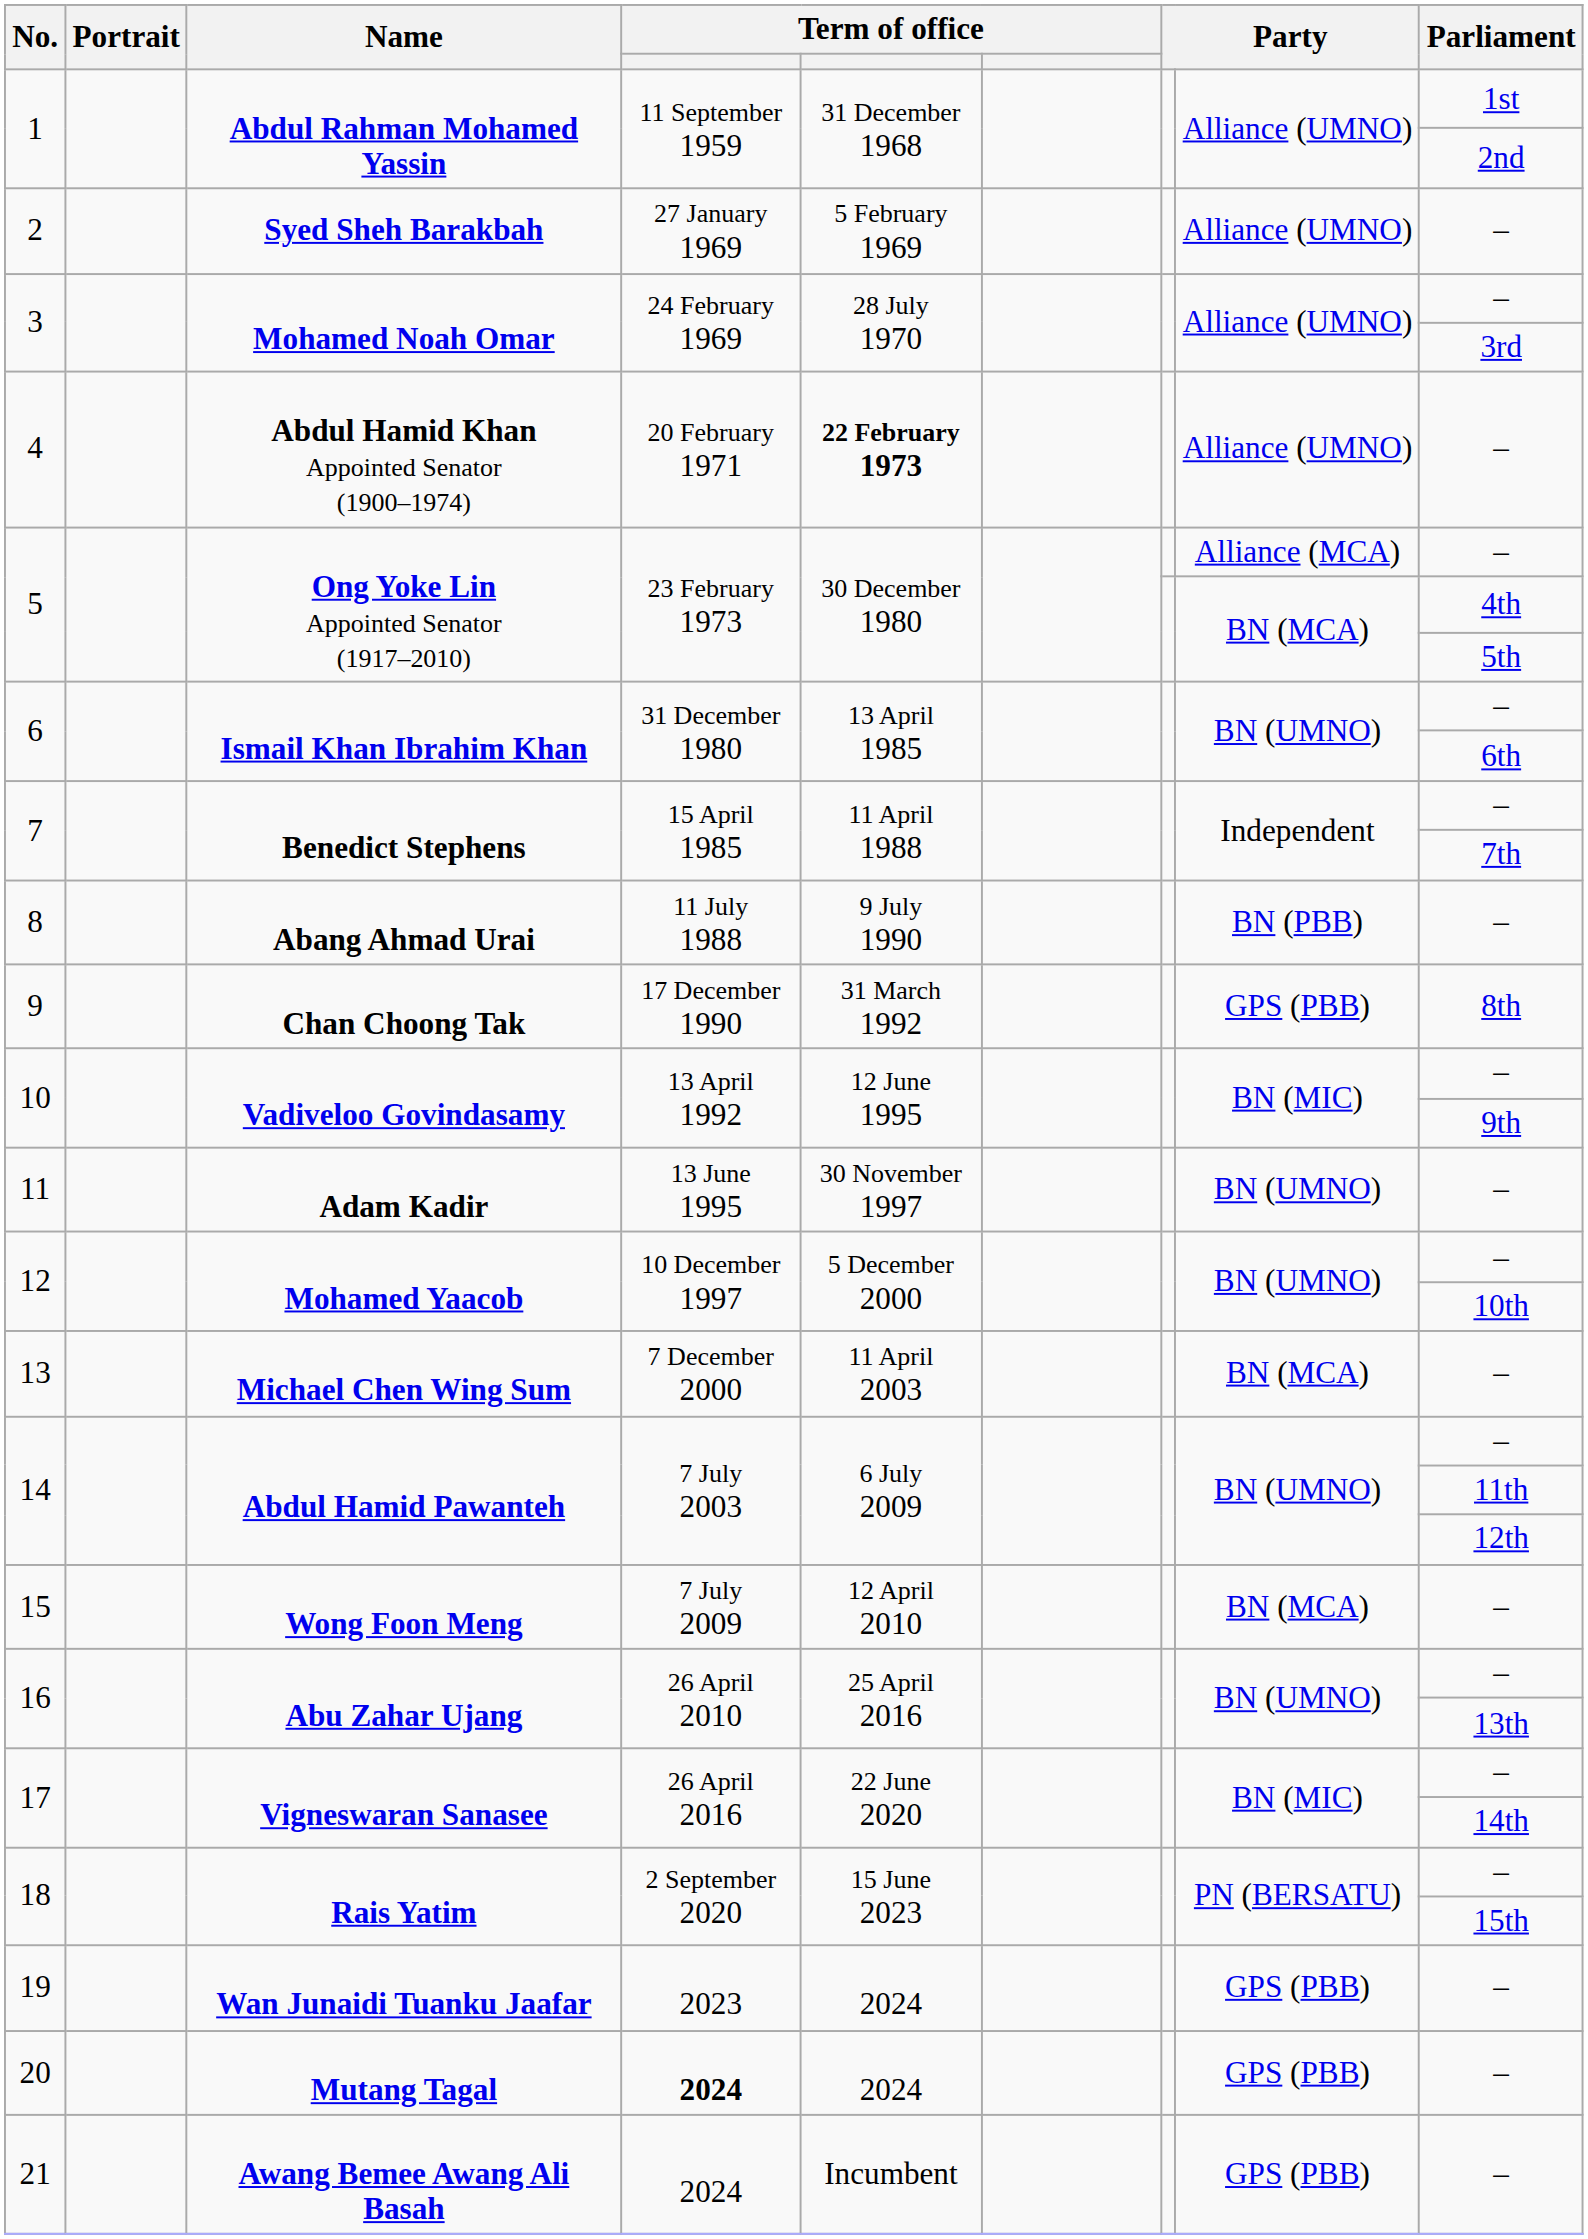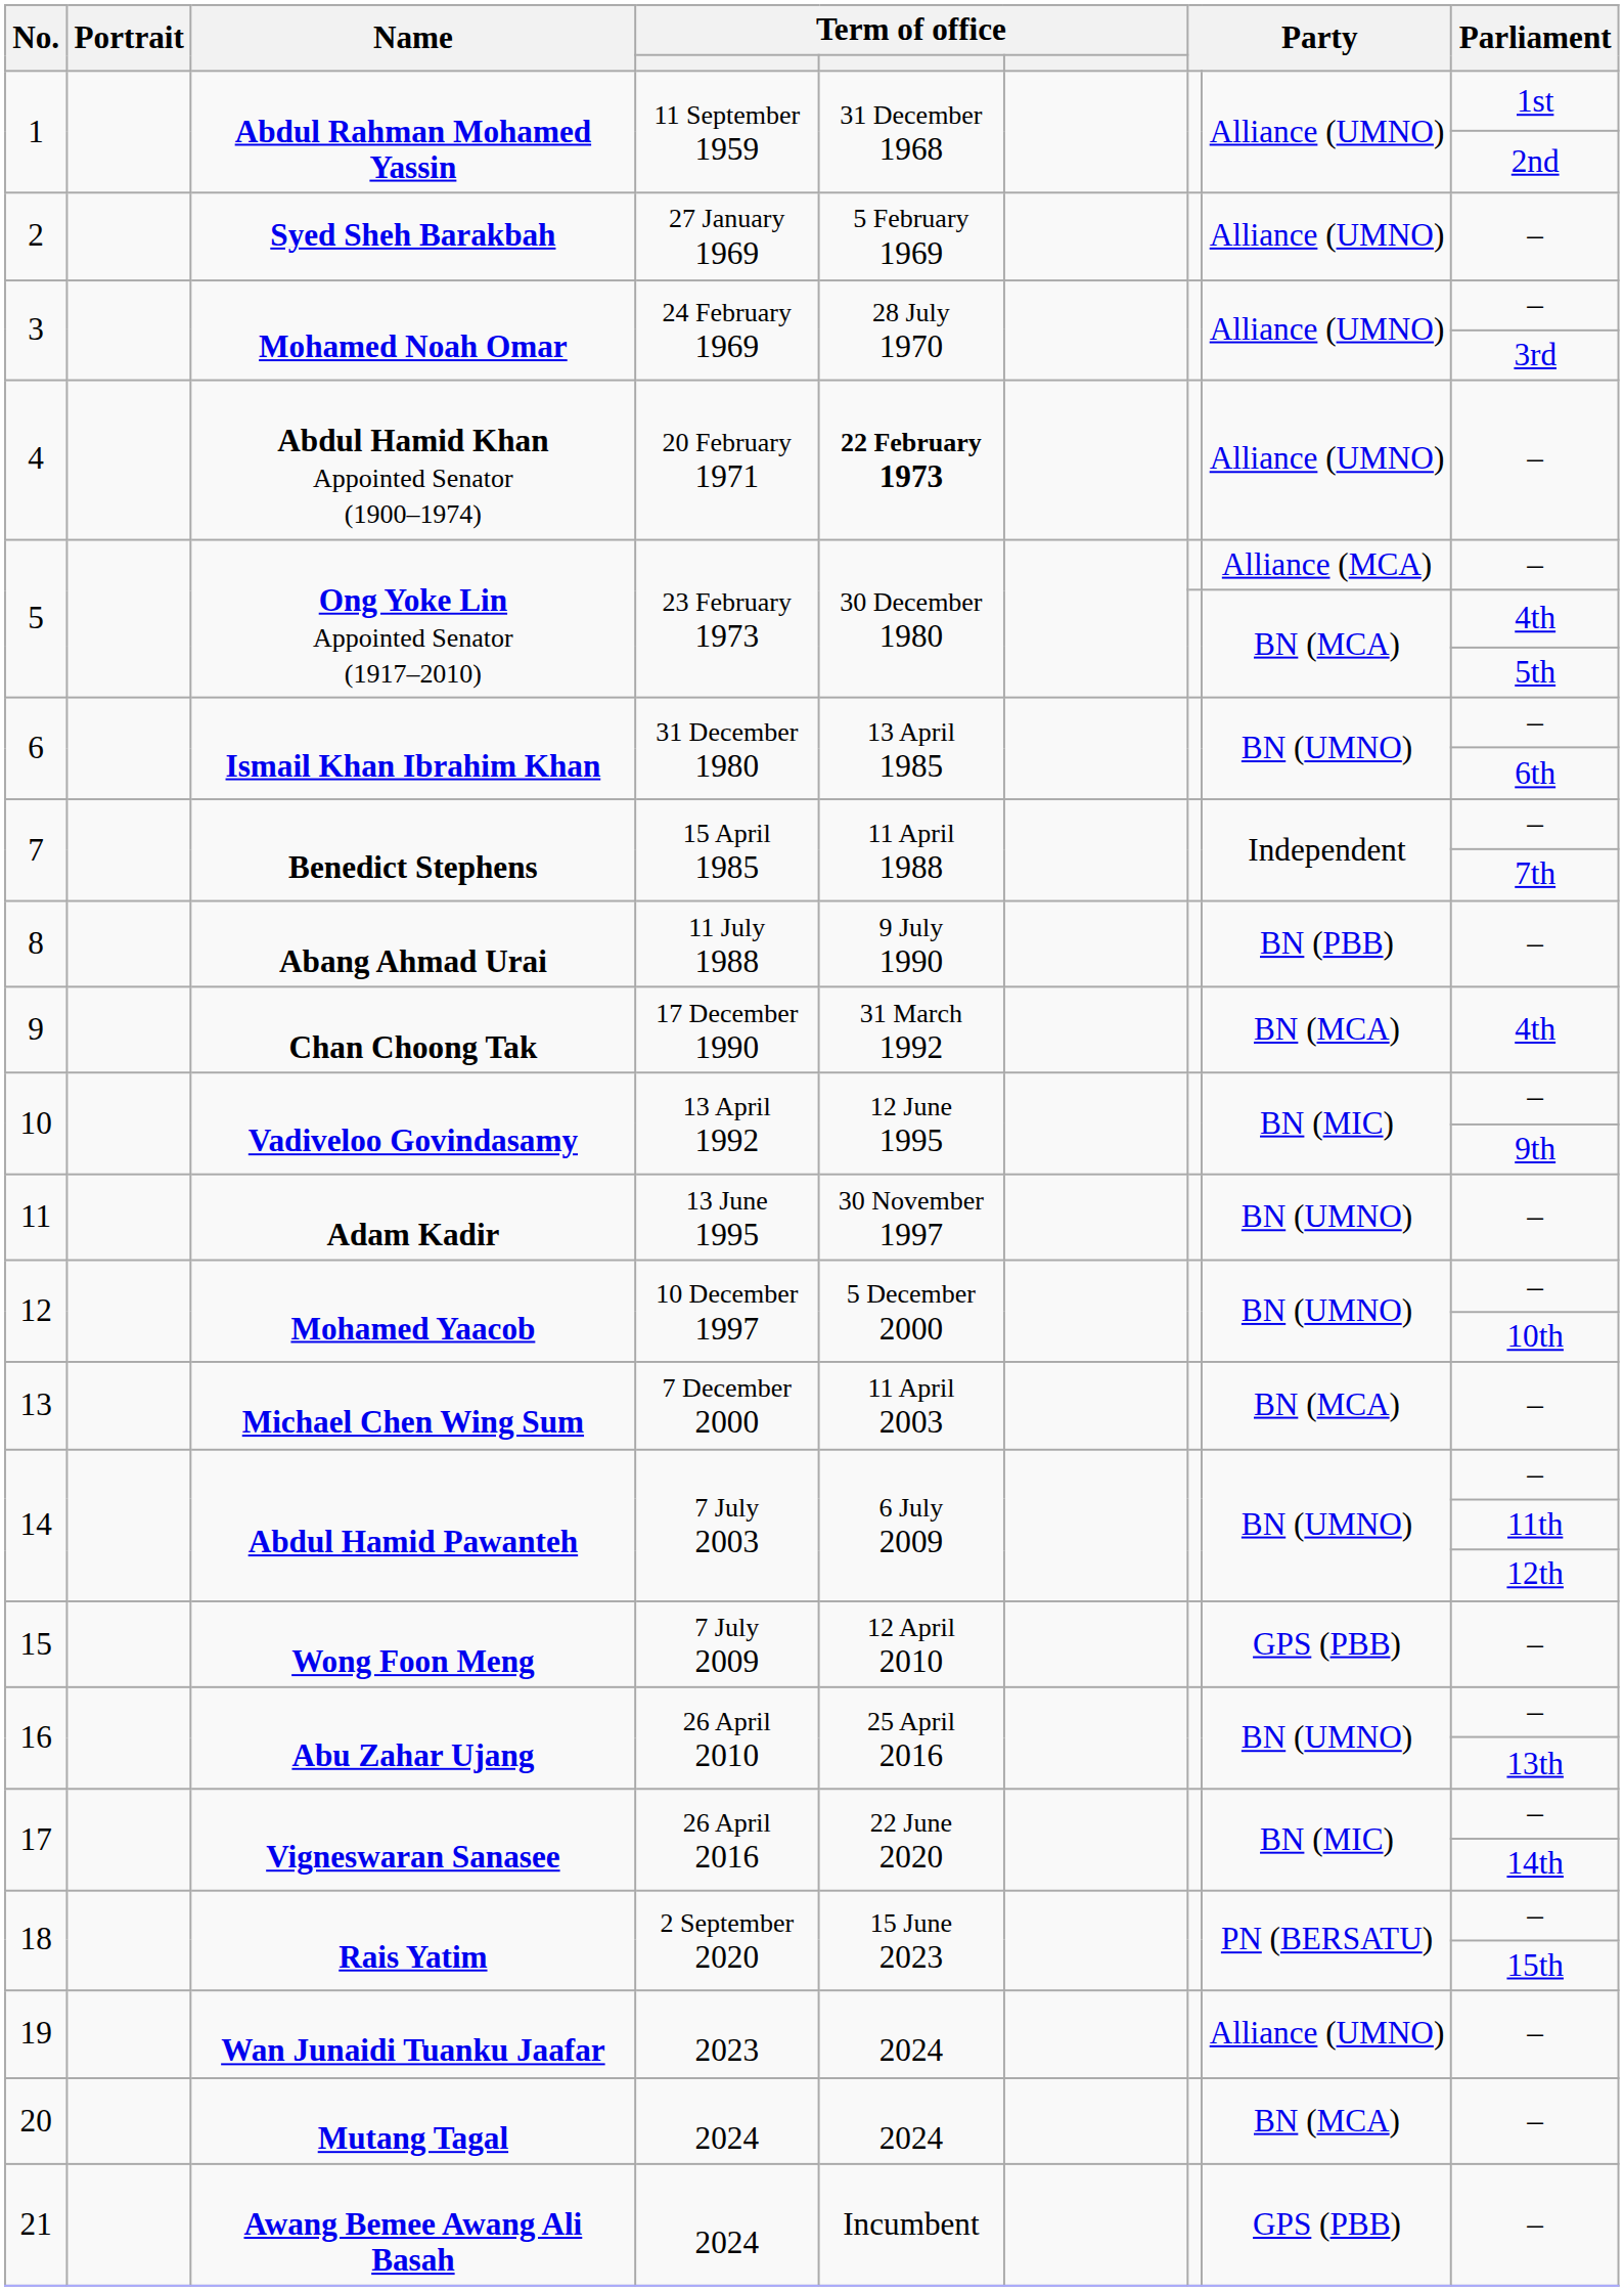 <table class="wikitable" style="text-align:center; border:1px #aaf solid;">
 <tr>
 <th rowspan="2">No.</th>
 <th rowspan="2">Portrait</th>
 <th rowspan="2" width="215">Name<br></th>
 <th colspan="3">Term of office</th>
 <th colspan="2" rowspan="2">Party</th>
 <th rowspan="2">Parliament</th>
 </tr>
 <tr>
 <th width="85"></th>
 <th width="85"></th>
 <th width="85"></th>
 </tr>
 <tr>
 <td rowspan="2">1</td>
 <td rowspan="2"></td>
 <td rowspan="2"><br><strong><a href='#'>Abdul Rahman Mohamed Yassin</a></strong><br></td>
 <td rowspan="2"><small>11 September</small><br>1959</td>
 <td rowspan="2"><small>31 December</small><br>1968</td>
 <td rowspan="2"></td>
 <td rowspan="2" style="background:"></td>
 <td rowspan="2"><a href='#'>Alliance</a> (<a href='#'>UMNO</a>)</td>
 <td><a href='#'>1st</a></td>
 </tr>
 <tr>
 <td><a href='#'>2nd</a></td>
 </tr>
 <tr>
 <td>2</td>
 <td></td>
 <td><strong><a href='#'>Syed Sheh Barakbah</a></strong><br></td>
 <td><small>27 January</small><br>1969</td>
 <td><small>5 February</small><br>1969</td>
 <td></td>
 <td style="background:"></td>
 <td><a href='#'>Alliance</a> (<a href='#'>UMNO</a>)</td>
 <td>–</td>
 </tr>
 <tr>
 <td rowspan=2>3</td>
 <td rowspan=2></td>
 <td rowspan=2><br><strong><a href='#'>Mohamed Noah Omar</a></strong><br></td>
 <td rowspan=2><small>24 February</small><br>1969</td>
 <td rowspan=2><small>28 July</small><br>1970</td>
 <td rowspan=2></td>
 <td rowspan=2 style="background:"></td>
 <td rowspan=2><a href='#'>Alliance</a> (<a href='#'>UMNO</a>)</td>
 <td>–</td>
 </tr>
 <tr>
 <td><a href='#'>3rd</a></td>
 </tr>
 <tr>
 <td>4</td>
 <td></td>
 <td><br><strong>Abdul Hamid Khan</strong><br><small>Appointed Senator</small><br><small>(1900–1974)</small></td>
 <td><small>20 February</small><br>1971</td>
 <td><strong><small>22 February</small><br>1973</strong></td>
 <td></td>
 <td style="background:"></td>
 <td><a href='#'>Alliance</a> (<a href='#'>UMNO</a>)</td>
 <td>–</td>
 </tr>
 <tr>
 <td rowspan="3">5</td>
 <td rowspan="3"></td>
 <td rowspan="3"><br><strong><a href='#'>Ong Yoke Lin</a></strong><br><small>Appointed Senator</small><br><small>(1917–2010)</small></td>
 <td rowspan="3"><small>23 February</small><br>1973</td>
 <td rowspan="3"><small>30 December</small><br>1980</td>
 <td rowspan="3"></td>
 <td style="background:"></td>
 <td><a href='#'>Alliance</a> (<a href='#'>MCA</a>)</td>
 <td>–</td>
 </tr>
 <tr>
 <td rowspan="2" style="background:"></td>
 <td rowspan="2"><a href='#'>BN</a> (<a href='#'>MCA</a>)</td>
 <td><a href='#'>4th</a></td>
 </tr>
 <tr>
 <td><a href='#'>5th</a></td>
 </tr>
 <tr>
 <td rowspan="2">6</td>
 <td rowspan="2"></td>
 <td rowspan="2"><br><strong><a href='#'>Ismail Khan Ibrahim Khan</a></strong><br></td>
 <td rowspan="2"><small>31 December</small><br>1980</td>
 <td rowspan="2"><small>13 April</small><br>1985</td>
 <td rowspan="2"></td>
 <td rowspan="2" style="background:"></td>
 <td rowspan="2"><a href='#'>BN</a> (<a href='#'>UMNO</a>)</td>
 <td>–</td>
 </tr>
 <tr>
 <td><a href='#'>6th</a></td>
 </tr>
 <tr>
 <td rowspan="2">7</td>
 <td rowspan="2"></td>
 <td rowspan="2"><br><strong>Benedict Stephens</strong><br></td>
 <td rowspan="2"><small>15 April</small><br>1985</td>
 <td rowspan="2"><small>11 April</small><br>1988</td>
 <td rowspan="2"></td>
 <td rowspan="2" style="background:"></td>
 <td rowspan="2">Independent</td>
 <td>–</td>
 </tr>
 <tr>
 <td><a href='#'>7th</a></td>
 </tr>
 <tr>
 <td>8</td>
 <td></td>
 <td><br><strong>Abang Ahmad Urai</strong><br></td>
 <td><small>11 July</small><br>1988</td>
 <td><small>9 July</small><br>1990</td>
 <td></td>
 <td style="background:"></td>
 <td><a href='#'>BN</a> (<a href='#'>PBB</a>)</td>
 <td>–</td>
 </tr>
 <tr>
 <td>9</td>
 <td></td>
 <td><br><strong>Chan Choong Tak</strong><br></td>
 <td><small>17 December</small><br>1990</td>
 <td><small>31 March</small><br>1992</td>
 <td></td>
 <td style="background:"></td>
-<td><a href='#'>GPS</a> (<a href='#'>PBB</a>)</td>
-<td><a href='#'>8th</a></td>
+<td><a href='#'>BN</a> (<a href='#'>MCA</a>)</td>
+<td><a href='#'>4th</a></td>
 </tr>
 <tr>
 <td rowspan="2">10</td>
 <td rowspan="2"></td>
 <td rowspan="2"><br><strong><a href='#'>Vadiveloo Govindasamy</a></strong><br></td>
 <td rowspan="2"><small>13 April</small><br>1992</td>
 <td rowspan="2"><small>12 June</small><br>1995</td>
 <td rowspan="2"></td>
 <td rowspan="2" style="background:"></td>
 <td rowspan="2"><a href='#'>BN</a> (<a href='#'>MIC</a>)</td>
 <td>–</td>
 </tr>
 <tr>
 <td><a href='#'>9th</a></td>
 </tr>
 <tr>
 <td>11</td>
 <td></td>
 <td><br><strong>Adam Kadir</strong><br></td>
 <td><small>13 June</small><br>1995</td>
 <td><small>30 November</small><br>1997</td>
 <td></td>
 <td style="background:"></td>
 <td><a href='#'>BN</a> (<a href='#'>UMNO</a>)</td>
 <td>–</td>
 </tr>
 <tr>
 <td rowspan="2">12</td>
 <td rowspan="2"></td>
 <td rowspan="2"><br><strong><a href='#'>Mohamed Yaacob</a></strong><br></td>
 <td rowspan="2"><small>10 December</small><br>1997</td>
 <td rowspan="2"><small>5 December</small><br>2000</td>
 <td rowspan="2"></td>
 <td rowspan="2" style="background:"></td>
 <td rowspan="2"><a href='#'>BN</a> (<a href='#'>UMNO</a>)</td>
 <td>–</td>
 </tr>
 <tr>
 <td><a href='#'>10th</a></td>
 </tr>
 <tr>
 <td>13</td>
 <td></td>
 <td><br><strong><a href='#'>Michael Chen Wing Sum</a></strong><br></td>
 <td><small>7 December</small><br>2000</td>
 <td><small>11 April</small><br>2003</td>
 <td></td>
 <td style="background:"></td>
 <td><a href='#'>BN</a> (<a href='#'>MCA</a>)</td>
 <td>–</td>
 </tr>
 <tr>
 <td rowspan="3">14</td>
 <td rowspan="3"></td>
 <td rowspan="3"><br><strong><a href='#'>Abdul Hamid Pawanteh</a></strong><br></td>
 <td rowspan="3"><small>7 July</small><br>2003</td>
 <td rowspan="3"><small>6 July</small><br>2009</td>
 <td rowspan="3"></td>
 <td rowspan="3" style="background:"></td>
 <td rowspan="3"><a href='#'>BN</a> (<a href='#'>UMNO</a>)</td>
 <td>–</td>
 </tr>
 <tr>
 <td><a href='#'>11th</a></td>
 </tr>
 <tr>
 <td><a href='#'>12th</a></td>
 </tr>
 <tr>
 <td>15</td>
 <td></td>
 <td><br><strong><a href='#'>Wong Foon Meng</a></strong><br></td>
 <td><small>7 July</small><br>2009</td>
 <td><small>12 April</small><br>2010</td>
 <td></td>
 <td style="background:"></td>
-<td><a href='#'>BN</a> (<a href='#'>MCA</a>)</td>
+<td><a href='#'>GPS</a> (<a href='#'>PBB</a>)</td>
 <td>–</td>
 </tr>
 <tr>
 <td rowspan="2">16</td>
 <td rowspan="2"></td>
 <td rowspan="2"><br><strong><a href='#'>Abu Zahar Ujang</a></strong><br></td>
 <td rowspan="2"><small>26 April</small><br>2010</td>
 <td rowspan="2"><small>25 April</small><br>2016</td>
 <td rowspan="2"></td>
 <td rowspan="2" style="background:"></td>
 <td rowspan="2"><a href='#'>BN</a> (<a href='#'>UMNO</a>)</td>
 <td>–</td>
 </tr>
 <tr>
 <td><a href='#'>13th</a></td>
 </tr>
 <tr>
 <td rowspan=2>17</td>
 <td rowspan=2></td>
 <td rowspan=2><br><strong><a href='#'>Vigneswaran Sanasee</a></strong><br></td>
 <td rowspan=2><small>26 April</small><br>2016</td>
 <td rowspan=2><small>22 June</small><br>2020</td>
 <td rowspan=2></td>
 <td rowspan=2 style="background:"></td>
 <td rowspan=2><a href='#'>BN</a> (<a href='#'>MIC</a>)</td>
 <td>–</td>
 </tr>
 <tr>
 <td><a href='#'>14th</a></td>
 </tr>
 <tr>
 <td rowspan=2>18</td>
 <td rowspan=2></td>
 <td rowspan=2><br><strong><a href='#'>Rais Yatim</a></strong><br></td>
 <td rowspan=2><small>2 September</small><br>2020</td>
 <td rowspan=2><small>15 June</small><br>2023</td>
 <td rowspan=2></td>
 <td rowspan=2 style="background:"></td>
 <td rowspan=2><a href='#'>PN</a> (<a href='#'>BERSATU</a>)</td>
 <td>–</td>
 </tr>
 <tr>
 <td><a href='#'>15th</a></td>
 </tr>
 <tr>
 <td>19</td>
 <td></td>
 <td><br><strong><a href='#'>Wan Junaidi Tuanku Jaafar</a></strong><br></td>
 <td><br>2023</td>
 <td><br>2024</td>
 <td></td>
 <td style="background:"></td>
-<td><a href='#'>GPS</a> (<a href='#'>PBB</a>)</td>
+<td><a href='#'>Alliance</a> (<a href='#'>UMNO</a>)</td>
 <td>–</td>
 </tr>
 <tr>
 <td>20</td>
 <td></td>
 <td><br><strong><a href='#'>Mutang Tagal</a></strong><br></td>
-<td><strong><br>2024</strong></td>
+<td><br>2024</td>
 <td><br>2024</td>
 <td></td>
 <td style="background:"></td>
-<td><a href='#'>GPS</a> (<a href='#'>PBB</a>)</td>
+<td><a href='#'>BN</a> (<a href='#'>MCA</a>)</td>
 <td>–</td>
 </tr>
 <tr>
 <td>21</td>
 <td></td>
 <td><br><strong><a href='#'>Awang Bemee Awang Ali Basah</a></strong><br></td>
 <td><br>2024</td>
 <td>Incumbent</td>
 <td></td>
 <td style="background:"></td>
 <td><a href='#'>GPS</a> (<a href='#'>PBB</a>)</td>
 <td>–</td>
 </tr>
 <tr>
 </tr>
 </table>
